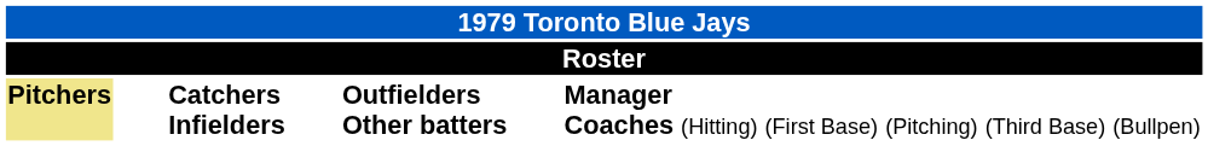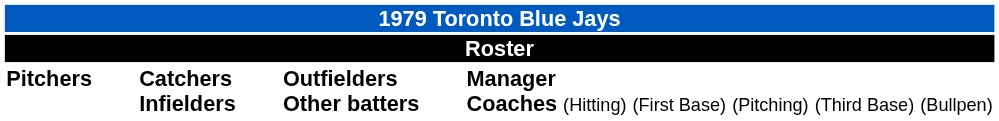 <table class="toccolours" style="font-size: 95%;">
 <tr>
 <th colspan="10" style="background-color: #005ac0; color: white; text-align: center;">1979 Toronto Blue Jays</th>
 </tr>
 <tr>
 <td colspan="10" style="background-color: black; color: white; text-align: center;"><strong>Roster</strong></td>
 </tr>
 <tr>
-<td valign="top" style="background: khaki;"><strong>Pitchers</strong><br>                 </td>
+<td valign="top"><strong>Pitchers</strong><br>                 </td>
 <td width="25px"></td>
 <td valign="top"><strong>Catchers</strong><br>  <strong>Infielders</strong>          </td>
 <td width="25px"></td>
 <td valign="top"><strong>Outfielders</strong><br>       <strong>Other batters</strong>  </td>
 <td width="25px"></td>
 <td valign="top"><strong>Manager</strong><br> <strong>Coaches</strong>  <small>(Hitting)</small>  <small>(First Base)</small>  <small>(Pitching)</small>  <small>(Third Base)</small>  <small>(Bullpen)</small></td>
 </tr>
 </table>
